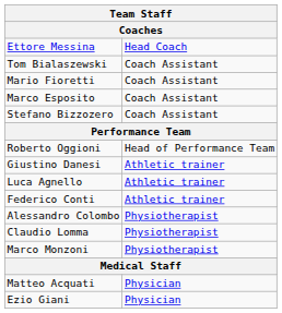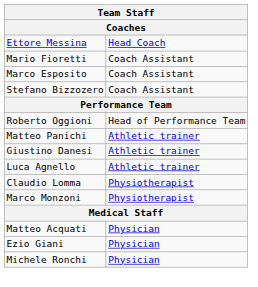 <table class="wikitable sortable">
 <tr>
 <th colspan=2>Team Staff</th>
 </tr>
 <tr>
 <th colspan=2>Coaches</th>
 </tr>
 <tr>
 <td><a href='#'>Ettore Messina</a></td>
 <td><a href='#'>Head Coach</a></td>
-</tr>
-<tr>
-<td>Tom Bialaszewski</td>
-<td>Coach Assistant</td>
 </tr>
 <tr>
 <td>Mario Fioretti</td>
 <td>Coach Assistant</td>
 </tr>
 <tr>
 <td>Marco Esposito</td>
 <td>Coach Assistant</td>
 </tr>
 <tr>
 <td>Stefano Bizzozero</td>
 <td>Coach Assistant</td>
 </tr>
 <tr>
 <th colspan=2>Performance Team</th>
 </tr>
 <tr>
 <td>Roberto Oggioni</td>
 <td>Head of Performance Team</td>
 </tr>
 <tr>
+<td>Matteo Panichi</td>
+<td><a href='#'>Athletic trainer</a></td>
+</tr>
+<tr>
 <td>Giustino Danesi</td>
 <td><a href='#'>Athletic trainer</a></td>
 </tr>
 <tr>
 <td>Luca Agnello</td>
 <td><a href='#'>Athletic trainer</a></td>
-</tr>
-<tr>
-<td>Federico Conti</td>
-<td><a href='#'>Athletic trainer</a></td>
-</tr>
-<tr>
-<td>Alessandro Colombo</td>
-<td><a href='#'>Physiotherapist</a></td>
 </tr>
 <tr>
 <td>Claudio Lomma</td>
 <td><a href='#'>Physiotherapist</a></td>
 </tr>
 <tr>
 <td>Marco Monzoni</td>
 <td><a href='#'>Physiotherapist</a></td>
 </tr>
 <tr>
 <th colspan=2>Medical Staff</th>
 </tr>
 <tr>
 <td>Matteo Acquati</td>
 <td><a href='#'>Physician</a></td>
 </tr>
 <tr>
 <td>Ezio Giani</td>
 <td><a href='#'>Physician</a></td>
 </tr>
+<tr>
+<td>Michele Ronchi</td>
+<td><a href='#'>Physician</a></td>
+</tr>
 </table>
